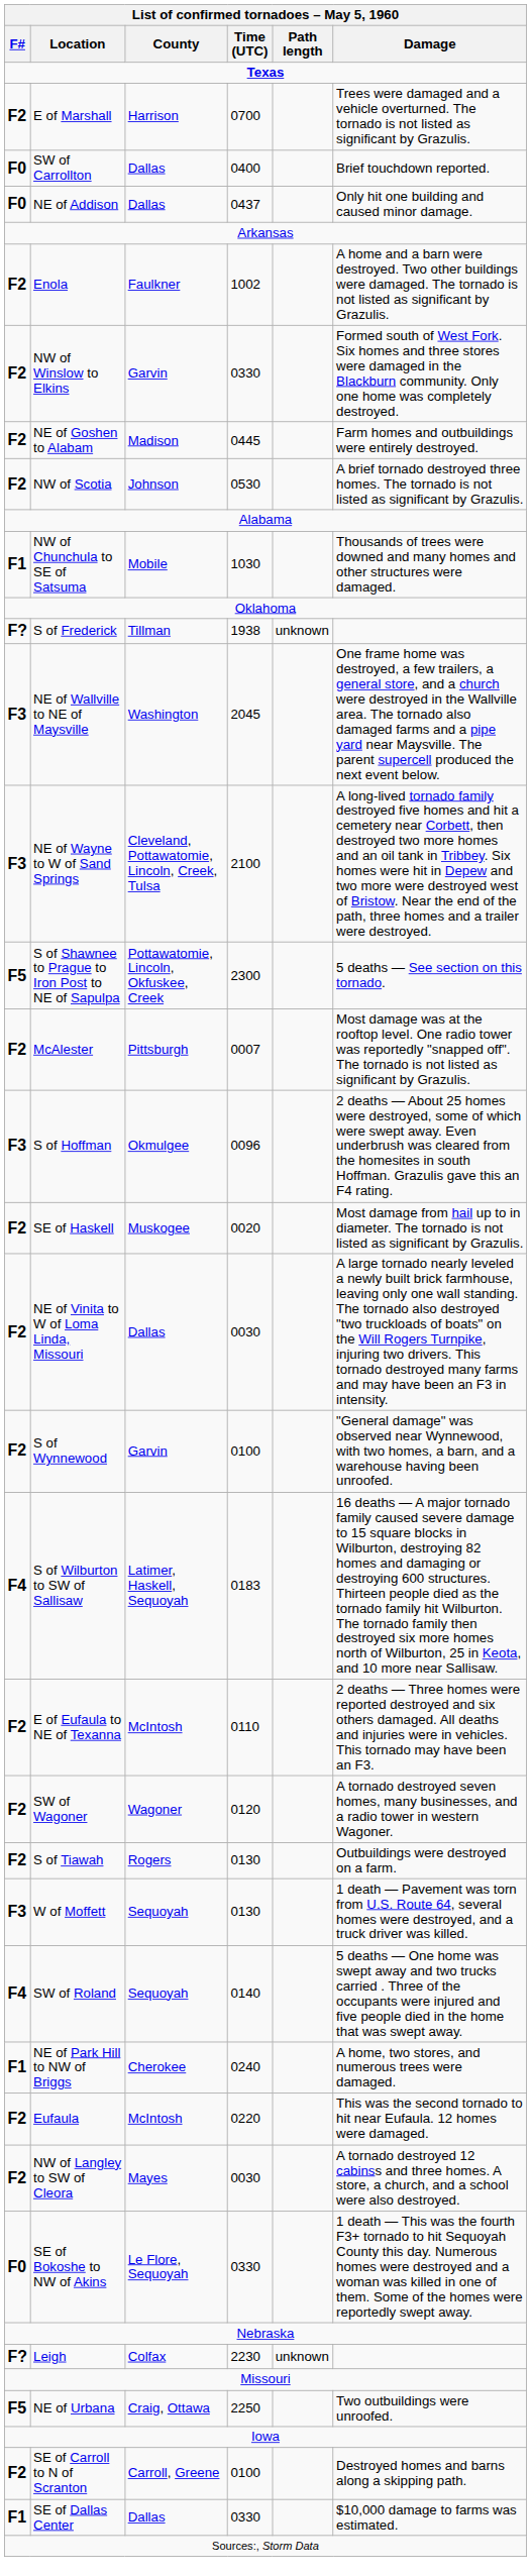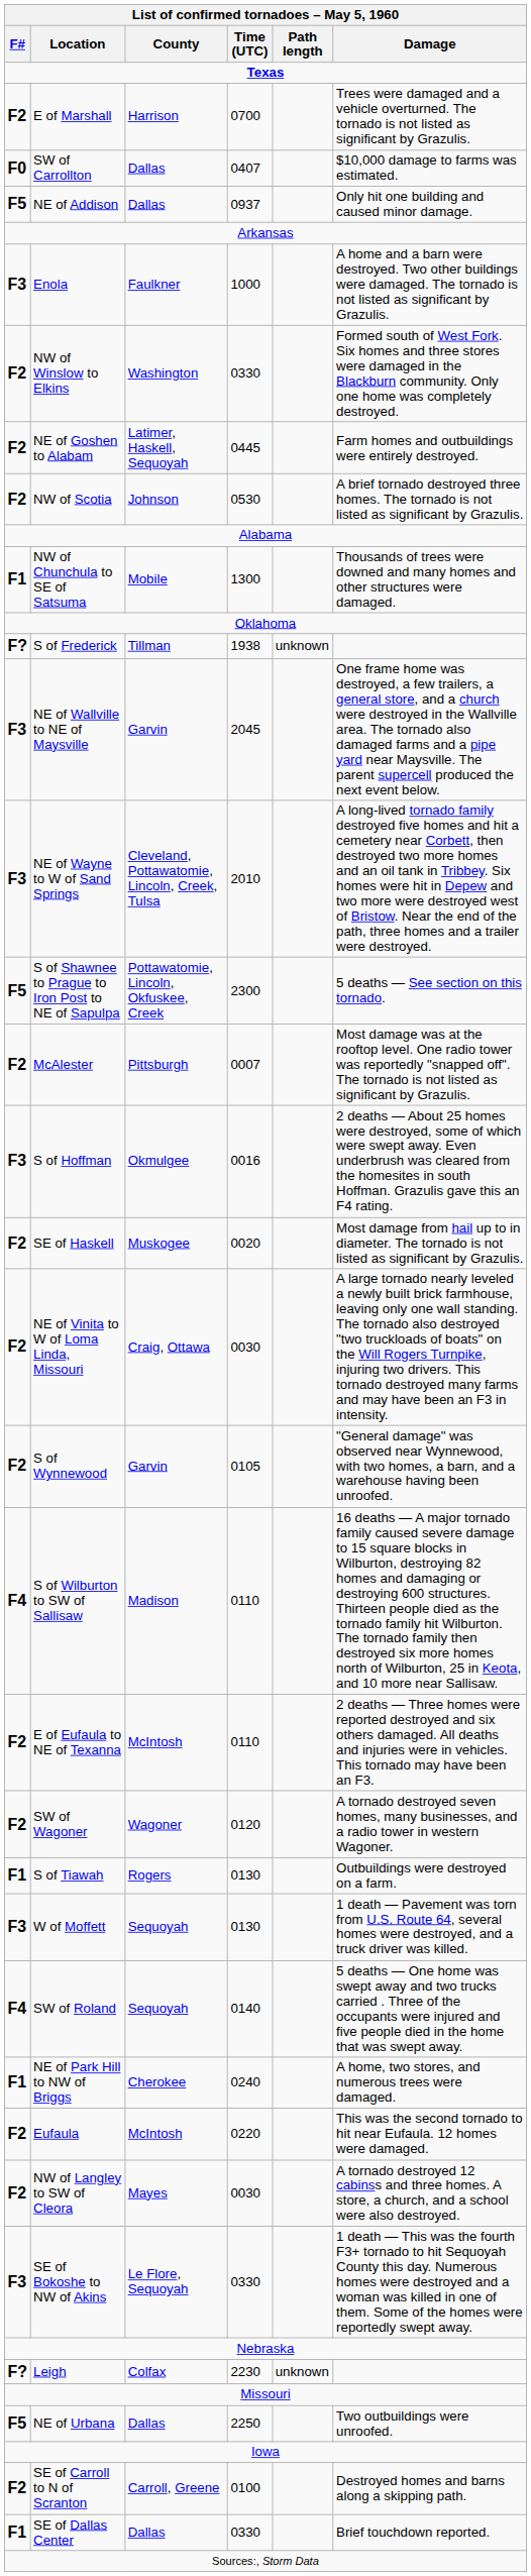 <table class="wikitable toccolours collapsible" width="100%">
 <tr>
 <th colspan="6">List of confirmed tornadoes – May 5, 1960</th>
 </tr>
 <tr>
 <th><a href='#'>F#</a></th>
 <th>Location</th>
 <th>County</th>
 <th>Time (UTC)</th>
 <th>Path length</th>
 <th>Damage</th>
 </tr>
 <tr>
 <td colspan="7" style="text-align:center;"><strong><a href='#'>Texas</a></strong></td>
 </tr>
 <tr>
 <td><big><strong>F2</strong></big></td>
 <td>E of <a href='#'>Marshall</a></td>
 <td><a href='#'>Harrison</a></td>
 <td>0700</td>
 <td></td>
 <td>Trees were damaged and a vehicle overturned.  The tornado is not listed as significant by Grazulis.</td>
 </tr>
 <tr>
 <td><big><strong>F0</strong></big></td>
 <td>SW of <a href='#'>Carrollton</a></td>
 <td><a href='#'>Dallas</a></td>
-<td>0400</td>
+<td>0407</td>
 <td></td>
-<td>Brief touchdown reported.</td>
+<td>$10,000 damage to farms was estimated.</td>
 </tr>
 <tr>
-<td><big><strong>F0</strong></big></td>
+<td><big><strong>F5</strong></big></td>
 <td>NE of <a href='#'>Addison</a></td>
 <td><a href='#'>Dallas</a></td>
-<td>0437</td>
+<td>0937</td>
 <td></td>
 <td>Only hit one building and caused minor damage.</td>
 </tr>
 <tr>
 <td colspan="7" style="text-align:center;"><a href='#'>Arkansas</a></td>
 </tr>
 <tr>
-<td><big><strong>F2</strong></big></td>
+<td><big><strong>F3</strong></big></td>
 <td><a href='#'>Enola</a></td>
 <td><a href='#'>Faulkner</a></td>
-<td>1002</td>
+<td>1000</td>
 <td></td>
 <td>A home and a barn were destroyed. Two other buildings were damaged.  The tornado is not listed as significant by Grazulis.</td>
 </tr>
 <tr>
 <td><big><strong>F2</strong></big></td>
 <td>NW of <a href='#'>Winslow</a> to <a href='#'>Elkins</a></td>
-<td><a href='#'>Garvin</a></td>
+<td><a href='#'>Washington</a></td>
 <td>0330</td>
 <td></td>
 <td>Formed south of <a href='#'>West Fork</a>.  Six homes and three stores were damaged in the <a href='#'>Blackburn</a> community. Only one home was completely destroyed.</td>
 </tr>
 <tr>
 <td><big><strong>F2</strong></big></td>
 <td>NE of <a href='#'>Goshen</a> to <a href='#'>Alabam</a></td>
-<td><a href='#'>Madison</a></td>
+<td><a href='#'>Latimer</a>, <a href='#'>Haskell</a>, <a href='#'>Sequoyah</a></td>
 <td>0445</td>
 <td></td>
 <td>Farm homes and outbuildings were entirely destroyed.</td>
 </tr>
 <tr>
 <td><big><strong>F2</strong></big></td>
 <td>NW of <a href='#'>Scotia</a></td>
 <td><a href='#'>Johnson</a></td>
 <td>0530</td>
 <td></td>
 <td>A brief tornado destroyed three homes.  The tornado is not listed as significant by Grazulis.</td>
 </tr>
 <tr>
 <td colspan="7" style="text-align:center;"><a href='#'>Alabama</a></td>
 </tr>
 <tr>
 <td><big><strong>F1</strong></big></td>
 <td>NW of <a href='#'>Chunchula</a> to SE of <a href='#'>Satsuma</a></td>
 <td><a href='#'>Mobile</a></td>
-<td>1030</td>
+<td>1300</td>
 <td></td>
 <td>Thousands of trees were downed and many homes and other structures were damaged.</td>
 </tr>
 <tr>
 <td colspan="7" style="text-align:center;"><a href='#'>Oklahoma</a></td>
 </tr>
 <tr>
 <td><big><strong>F?</strong></big></td>
 <td>S of <a href='#'>Frederick</a></td>
 <td><a href='#'>Tillman</a></td>
 <td>1938</td>
 <td>unknown</td>
 <td></td>
 </tr>
 <tr>
 <td><big><strong>F3</strong></big></td>
 <td>NE of <a href='#'>Wallville</a> to NE of <a href='#'>Maysville</a></td>
-<td><a href='#'>Washington</a></td>
+<td><a href='#'>Garvin</a></td>
 <td>2045</td>
 <td></td>
 <td>One frame home was destroyed, a few trailers, a <a href='#'>general store</a>, and a <a href='#'>church</a> were destroyed in the Wallville area. The tornado also damaged farms and a <a href='#'>pipe yard</a> near Maysville. The parent <a href='#'>supercell</a> produced the next event below.</td>
 </tr>
 <tr>
 <td><big><strong>F3</strong></big></td>
 <td>NE of <a href='#'>Wayne</a> to W of <a href='#'>Sand Springs</a></td>
 <td><a href='#'>Cleveland</a>, <a href='#'>Pottawatomie</a>, <a href='#'>Lincoln</a>, <a href='#'>Creek</a>, <a href='#'>Tulsa</a></td>
-<td>2100</td>
+<td>2010</td>
 <td></td>
 <td>A long-lived <a href='#'>tornado family</a> destroyed five homes and hit a cemetery  near <a href='#'>Corbett</a>, then destroyed two more homes and an oil tank in <a href='#'>Tribbey</a>.  Six homes were hit in <a href='#'>Depew</a> and two more were destroyed west of <a href='#'>Bristow</a>. Near the end of the path, three homes and a trailer were destroyed.</td>
 </tr>
 <tr>
 <td><big><strong>F5</strong></big></td>
 <td>S of <a href='#'>Shawnee</a> to <a href='#'>Prague</a> to <a href='#'>Iron Post</a> to NE of <a href='#'>Sapulpa</a></td>
 <td><a href='#'>Pottawatomie</a>, <a href='#'>Lincoln</a>, <a href='#'>Okfuskee</a>, <a href='#'>Creek</a></td>
 <td>2300</td>
 <td></td>
 <td>5 deaths — <a href='#'>See section on this tornado</a>.</td>
 </tr>
 <tr>
 <td><big><strong>F2</strong></big></td>
 <td><a href='#'>McAlester</a></td>
 <td><a href='#'>Pittsburgh</a></td>
 <td>0007</td>
 <td></td>
 <td>Most damage was at the rooftop level. One  radio tower was reportedly "snapped off". The tornado is not listed as significant by Grazulis.</td>
 </tr>
 <tr>
 <td><big><strong>F3</strong></big></td>
 <td>S of <a href='#'>Hoffman</a></td>
 <td><a href='#'>Okmulgee</a></td>
-<td>0096</td>
+<td>0016</td>
 <td></td>
 <td>2 deaths — About 25 homes were destroyed, some of which were swept away. Even underbrush was cleared from the homesites in south Hoffman. Grazulis gave this an F4 rating.</td>
 </tr>
 <tr>
 <td><big><strong>F2</strong></big></td>
 <td>SE of <a href='#'>Haskell</a></td>
 <td><a href='#'>Muskogee</a></td>
 <td>0020</td>
 <td></td>
 <td>Most damage from <a href='#'>hail</a> up to  in diameter. The tornado is not listed as significant by Grazulis.</td>
 </tr>
 <tr>
 <td><big><strong>F2</strong></big></td>
 <td>NE of <a href='#'>Vinita</a> to W of <a href='#'>Loma Linda, Missouri</a></td>
-<td><a href='#'>Dallas</a></td>
+<td><a href='#'>Craig</a>, <a href='#'>Ottawa</a></td>
 <td>0030</td>
 <td></td>
 <td>A large tornado nearly leveled a newly built brick farmhouse, leaving only one wall standing. The tornado also destroyed "two truckloads of boats" on the <a href='#'>Will Rogers Turnpike</a>, injuring two drivers. This tornado destroyed many farms  and may have been an F3 in intensity.</td>
 </tr>
 <tr>
 <td><big><strong>F2</strong></big></td>
 <td>S of <a href='#'>Wynnewood</a></td>
 <td><a href='#'>Garvin</a></td>
-<td>0100</td>
+<td>0105</td>
 <td></td>
 <td>"General damage" was observed near Wynnewood, with two homes, a barn, and a warehouse having been unroofed.</td>
 </tr>
 <tr>
 <td><big><strong>F4</strong></big></td>
 <td>S of <a href='#'>Wilburton</a> to SW of <a href='#'>Sallisaw</a></td>
-<td><a href='#'>Latimer</a>, <a href='#'>Haskell</a>, <a href='#'>Sequoyah</a></td>
-<td>0183</td>
+<td><a href='#'>Madison</a></td>
+<td>0110</td>
 <td></td>
 <td>16 deaths — A major tornado family caused severe damage to 15 square blocks in Wilburton, destroying 82 homes and damaging or destroying 600 structures. Thirteen people died as the tornado family hit Wilburton. The tornado family then destroyed six more homes north of Wilburton, 25 in <a href='#'>Keota</a>, and 10 more near Sallisaw.</td>
 </tr>
 <tr>
 <td><big><strong>F2</strong></big></td>
 <td>E of <a href='#'>Eufaula</a> to NE of <a href='#'>Texanna</a></td>
 <td><a href='#'>McIntosh</a></td>
 <td>0110</td>
 <td></td>
 <td>2 deaths — Three homes were reported destroyed and six others damaged. All deaths and injuries were in vehicles. This tornado may have been an F3.</td>
 </tr>
 <tr>
 <td><big><strong>F2</strong></big></td>
 <td>SW of <a href='#'>Wagoner</a></td>
 <td><a href='#'>Wagoner</a></td>
 <td>0120</td>
 <td></td>
 <td>A tornado destroyed seven homes, many businesses, and a radio tower in western Wagoner.</td>
 </tr>
 <tr>
-<td><big><strong>F2</strong></big></td>
+<td><big><strong>F1</strong></big></td>
 <td>S of <a href='#'>Tiawah</a></td>
 <td><a href='#'>Rogers</a></td>
 <td>0130</td>
 <td></td>
 <td>Outbuildings were destroyed on a farm.</td>
 </tr>
 <tr>
 <td><big><strong>F3</strong></big></td>
 <td>W of <a href='#'>Moffett</a></td>
 <td><a href='#'>Sequoyah</a></td>
 <td>0130</td>
 <td></td>
 <td>1 death — Pavement was torn from <a href='#'>U.S. Route 64</a>, several homes were destroyed, and a truck driver was killed.</td>
 </tr>
 <tr>
 <td><big><strong>F4</strong></big></td>
 <td>SW of <a href='#'>Roland</a></td>
 <td><a href='#'>Sequoyah</a></td>
 <td>0140</td>
 <td></td>
 <td>5 deaths — One home was swept away and two trucks carried . Three of the occupants were injured and five people died in the home that was swept away.</td>
 </tr>
 <tr>
 <td><big><strong>F1</strong></big></td>
 <td>NE of <a href='#'>Park Hill</a> to NW of <a href='#'>Briggs</a></td>
 <td><a href='#'>Cherokee</a></td>
 <td>0240</td>
 <td></td>
 <td>A home, two stores, and numerous trees were damaged.</td>
 </tr>
 <tr>
 <td><big><strong>F2</strong></big></td>
 <td><a href='#'>Eufaula</a></td>
 <td><a href='#'>McIntosh</a></td>
 <td>0220</td>
 <td></td>
 <td>This was the second tornado to hit near Eufaula. 12 homes were damaged.</td>
 </tr>
 <tr>
 <td><big><strong>F2</strong></big></td>
 <td>NW of <a href='#'>Langley</a> to SW of <a href='#'>Cleora</a></td>
 <td><a href='#'>Mayes</a></td>
 <td>0030</td>
 <td></td>
 <td>A tornado destroyed 12 <a href='#'>cabins</a>s and three homes. A store, a church, and a school were also destroyed.</td>
 </tr>
 <tr>
-<td><big><strong>F0</strong></big></td>
+<td><big><strong>F3</strong></big></td>
 <td>SE of <a href='#'>Bokoshe</a> to NW of <a href='#'>Akins</a></td>
 <td><a href='#'>Le Flore</a>, <a href='#'>Sequoyah</a></td>
 <td>0330</td>
 <td></td>
 <td>1 death — This was the fourth F3+ tornado to hit Sequoyah County this day. Numerous homes were destroyed and a woman was killed in one of them. Some of the homes were reportedly swept away.</td>
 </tr>
 <tr>
 <td colspan="7" style="text-align:center;"><a href='#'>Nebraska</a></td>
 </tr>
 <tr>
 <td><big><strong>F?</strong></big></td>
 <td><a href='#'>Leigh</a></td>
 <td><a href='#'>Colfax</a></td>
 <td>2230</td>
 <td>unknown</td>
 <td></td>
 </tr>
 <tr>
 <td colspan="7" style="text-align:center;"><a href='#'>Missouri</a></td>
 </tr>
 <tr>
 <td><big><strong>F5</strong></big></td>
 <td>NE of <a href='#'>Urbana</a></td>
-<td><a href='#'>Craig</a>, <a href='#'>Ottawa</a></td>
+<td><a href='#'>Dallas</a></td>
 <td>2250</td>
 <td></td>
 <td>Two outbuildings were unroofed.</td>
 </tr>
 <tr>
 <td colspan="7" style="text-align:center;"><a href='#'>Iowa</a></td>
 </tr>
 <tr>
 <td><big><strong>F2</strong></big></td>
 <td>SE of <a href='#'>Carroll</a> to N of <a href='#'>Scranton</a></td>
 <td><a href='#'>Carroll</a>, <a href='#'>Greene</a></td>
 <td>0100</td>
 <td></td>
 <td>Destroyed homes and barns along a skipping path.</td>
 </tr>
 <tr>
 <td><big><strong>F1</strong></big></td>
 <td>SE of <a href='#'>Dallas Center</a></td>
 <td><a href='#'>Dallas</a></td>
 <td>0330</td>
 <td></td>
-<td>$10,000 damage to farms was estimated.</td>
+<td>Brief touchdown reported.</td>
 </tr>
 <tr>
 <td colspan="7" style="text-align:center;"><small>Sources:, <em>Storm Data</em></small></td>
 </tr>
 </table>
